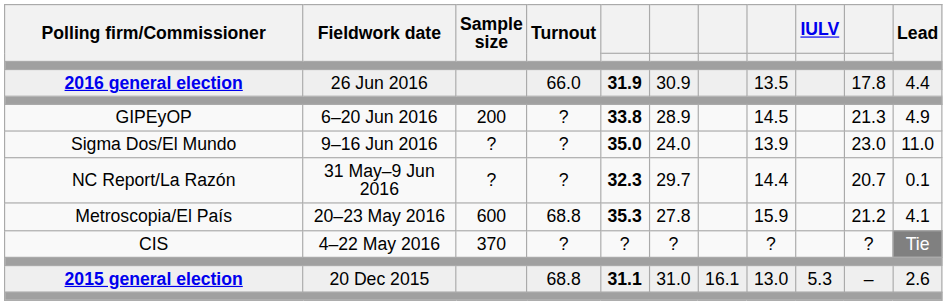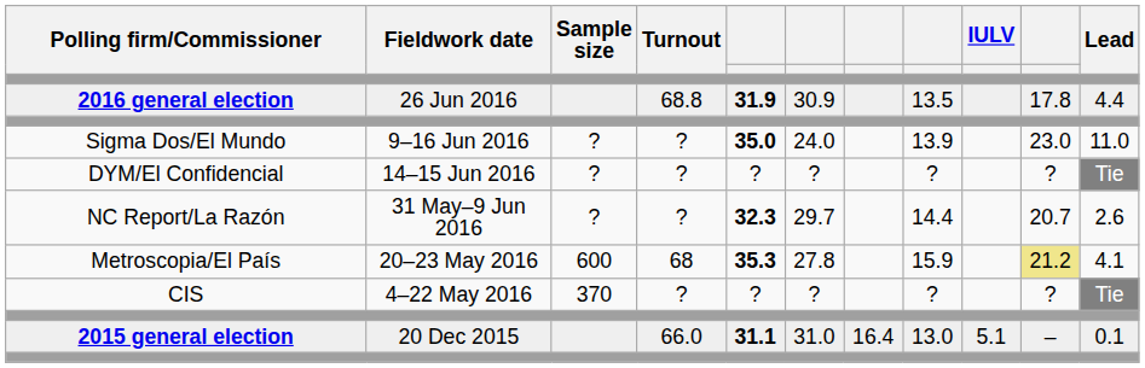 <table class="wikitable collapsible collapsed" style="text-align:center; font-size:95%; line-height:16px;">
 <tr style="height:42px; background-color:#E9E9E9">
 <th style="width:250px;" rowspan="2">Polling firm/Commissioner</th>
 <th style="width:125px;" rowspan="2">Fieldwork date</th>
 <th style="width:50px;" rowspan="2">Sample size</th>
 <th style="width:45px;" rowspan="2">Turnout</th>
 <th style="width:35px;"></th>
 <th style="width:35px;"></th>
 <th style="width:35px;"></th>
 <th style="width:35px;"></th>
 <th style="width:35px;"><a href='#'>IULV</a></th>
 <th style="width:35px;"></th>
 <th style="width:30px;" rowspan="2">Lead</th>
 </tr>
 <tr>
 <th style="color:inherit;background:"></th>
 <th style="color:inherit;background:"></th>
 <th style="color:inherit;background:"></th>
 <th style="color:inherit;background:"></th>
 <th style="color:inherit;background:"></th>
 <th style="color:inherit;background:"></th>
 </tr>
 <tr>
 <td colspan="11" style="background:#A0A0A0"></td>
 </tr>
 <tr style="background:#EFEFEF;">
 <td><strong><a href='#'>2016 general election</a></strong></td>
 <td>26 Jun 2016</td>
 <td></td>
-<td>66.0</td>
+<td>68.8</td>
 <td><strong>31.9</strong><br></td>
 <td>30.9<br></td>
 <td></td>
 <td>13.5<br></td>
 <td></td>
 <td>17.8<br></td>
 <td style="background:">4.4</td>
 </tr>
 <tr>
 <td colspan="11" style="background:#A0A0A0"></td>
-</tr>
-<tr>
-<td>GIPEyOP</td>
-<td>6–20 Jun 2016</td>
-<td>200</td>
-<td>?</td>
-<td><strong>33.8</strong><br></td>
-<td>28.9<br></td>
-<td></td>
-<td>14.5<br></td>
-<td></td>
-<td>21.3<br></td>
-<td style="background:">4.9</td>
 </tr>
 <tr>
 <td>Sigma Dos/El Mundo</td>
 <td>9–16 Jun 2016</td>
 <td>?</td>
 <td>?</td>
 <td><strong>35.0</strong><br></td>
 <td>24.0<br></td>
 <td></td>
 <td>13.9<br></td>
 <td></td>
 <td>23.0<br></td>
 <td style="background:">11.0</td>
 </tr>
 <tr>
+<td>DYM/El Confidencial</td>
+<td>14–15 Jun 2016</td>
+<td>?</td>
+<td>?</td>
+<td>?<br></td>
+<td>?<br></td>
+<td></td>
+<td>?<br></td>
+<td></td>
+<td>?<br></td>
+<td style="background:gray;color:white;">Tie</td>
+</tr>
+<tr>
 <td>NC Report/La Razón</td>
 <td>31 May–9 Jun 2016</td>
 <td>?</td>
 <td>?</td>
 <td><strong>32.3</strong><br></td>
 <td>29.7<br></td>
 <td></td>
 <td>14.4<br></td>
 <td></td>
 <td>20.7<br></td>
-<td style="background:">0.1</td>
+<td style="background:">2.6</td>
 </tr>
 <tr>
 <td>Metroscopia/El País</td>
 <td>20–23 May 2016</td>
 <td>600</td>
-<td>68.8</td>
+<td>68</td>
 <td><strong>35.3</strong><br></td>
 <td>27.8<br></td>
 <td></td>
 <td>15.9<br></td>
 <td></td>
-<td>21.2<br></td>
+<td style="background: khaki;">21.2<br></td>
 <td style="background:">4.1</td>
 </tr>
 <tr>
 <td>CIS</td>
 <td>4–22 May 2016</td>
 <td>370</td>
 <td>?</td>
 <td>?<br></td>
 <td>?<br></td>
 <td></td>
 <td>?<br></td>
 <td></td>
 <td>?<br></td>
 <td style="background:gray;color:white;">Tie</td>
 </tr>
 <tr>
 <td colspan="11" style="background:#A0A0A0"></td>
 </tr>
 <tr style="background:#EFEFEF;">
 <td><strong><a href='#'>2015 general election</a></strong></td>
 <td>20 Dec 2015</td>
 <td></td>
-<td>68.8</td>
+<td>66.0</td>
 <td><strong>31.1</strong><br></td>
 <td>31.0<br></td>
-<td>16.1<br></td>
+<td>16.4<br></td>
 <td>13.0<br></td>
-<td>5.3<br></td>
+<td>5.1<br></td>
 <td>–</td>
-<td style="background:">2.6</td>
+<td style="background:">0.1</td>
 </tr>
 <tr>
 <td colspan="11" style="background:#A0A0A0"></td>
 </tr>
 </table>
